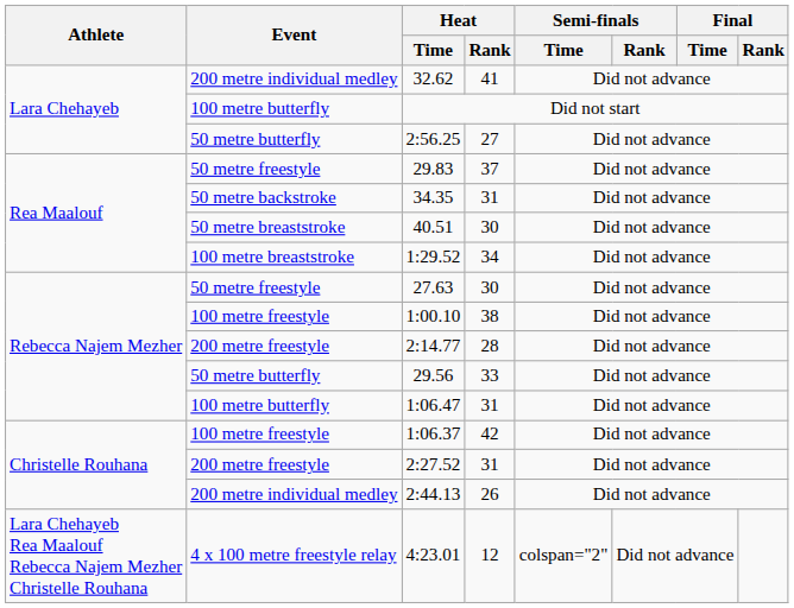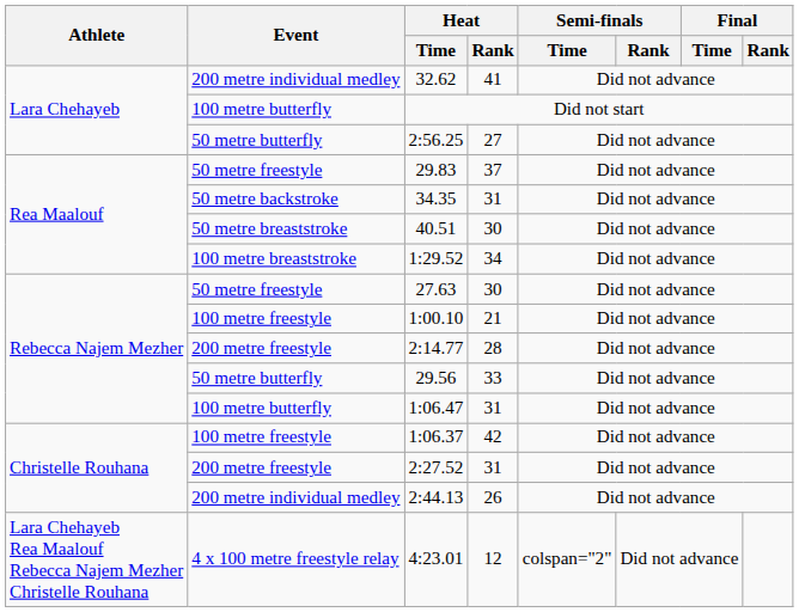 <table class="wikitable" style="font-size:90%; text-align:center">
 <tr>
 <th rowspan="2">Athlete</th>
 <th rowspan="2">Event</th>
 <th colspan="2">Heat</th>
 <th colspan="2">Semi-finals</th>
 <th colspan="2">Final</th>
 </tr>
 <tr>
 <th>Time</th>
 <th>Rank</th>
 <th>Time</th>
 <th>Rank</th>
 <th>Time</th>
 <th>Rank</th>
 </tr>
 <tr>
 <td align="left" rowspan="3"><a href='#'>Lara Chehayeb</a></td>
 <td align="left"><a href='#'>200 metre individual medley</a></td>
 <td>32.62</td>
 <td>41</td>
 <td colspan="4">Did not advance</td>
 </tr>
 <tr>
 <td align="left"><a href='#'>100 metre butterfly</a></td>
 <td colspan="6">Did not start</td>
 </tr>
 <tr>
 <td align="left"><a href='#'>50 metre butterfly</a></td>
 <td>2:56.25</td>
 <td>27</td>
 <td colspan="4">Did not advance</td>
 </tr>
 <tr>
 <td align="left" rowspan="4"><a href='#'>Rea Maalouf</a></td>
 <td align="left"><a href='#'>50 metre freestyle</a></td>
 <td>29.83</td>
 <td>37</td>
 <td colspan="4">Did not advance</td>
 </tr>
 <tr>
 <td align="left"><a href='#'>50 metre backstroke</a></td>
 <td>34.35</td>
 <td>31</td>
 <td colspan="4">Did not advance</td>
 </tr>
 <tr>
 <td align="left"><a href='#'>50 metre breaststroke</a></td>
 <td>40.51</td>
 <td>30</td>
 <td colspan="4">Did not advance</td>
 </tr>
 <tr>
 <td align="left"><a href='#'>100 metre breaststroke</a></td>
 <td>1:29.52</td>
 <td>34</td>
 <td colspan="4">Did not advance</td>
 </tr>
 <tr>
 <td align="left" rowspan="5"><a href='#'>Rebecca Najem Mezher</a></td>
 <td align="left"><a href='#'>50 metre freestyle</a></td>
 <td>27.63</td>
 <td>30</td>
 <td colspan="4">Did not advance</td>
 </tr>
 <tr>
 <td align="left"><a href='#'>100 metre freestyle</a></td>
 <td>1:00.10</td>
-<td>38</td>
+<td>21</td>
 <td colspan="4">Did not advance</td>
 </tr>
 <tr>
 <td align="left"><a href='#'>200 metre freestyle</a></td>
 <td>2:14.77</td>
 <td>28</td>
 <td colspan="4">Did not advance</td>
 </tr>
 <tr>
 <td align="left"><a href='#'>50 metre butterfly</a></td>
 <td>29.56</td>
 <td>33</td>
 <td colspan="4">Did not advance</td>
 </tr>
 <tr>
 <td align="left"><a href='#'>100 metre butterfly</a></td>
 <td>1:06.47</td>
 <td>31</td>
 <td colspan="4">Did not advance</td>
 </tr>
 <tr>
 <td align="left" rowspan="3"><a href='#'>Christelle Rouhana</a></td>
 <td align="left"><a href='#'>100 metre freestyle</a></td>
 <td>1:06.37</td>
 <td>42</td>
 <td colspan="4">Did not advance</td>
 </tr>
 <tr>
 <td align="left"><a href='#'>200 metre freestyle</a></td>
 <td>2:27.52</td>
 <td>31</td>
 <td colspan="4">Did not advance</td>
 </tr>
 <tr>
 <td align="left"><a href='#'>200 metre individual medley</a></td>
 <td>2:44.13</td>
 <td>26</td>
 <td colspan="4">Did not advance</td>
 </tr>
 <tr>
 <td align="left"><a href='#'>Lara Chehayeb</a><br><a href='#'>Rea Maalouf</a><br><a href='#'>Rebecca Najem Mezher</a><br><a href='#'>Christelle Rouhana</a></td>
 <td align="left"><a href='#'>4 x 100 metre freestyle relay</a></td>
 <td>4:23.01</td>
 <td>12</td>
 <td>colspan="2" </td>
 <td colspan="2">Did not advance</td>
 </tr>
 </table>
